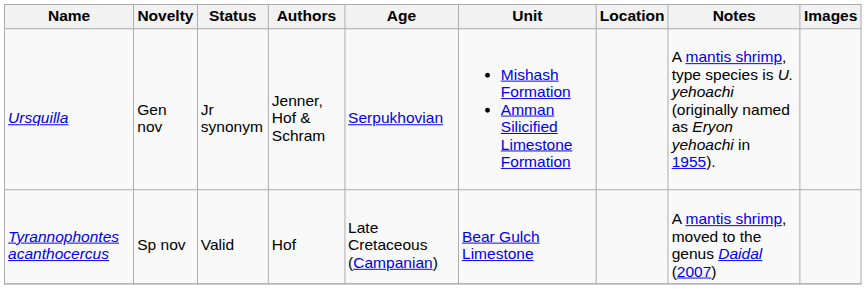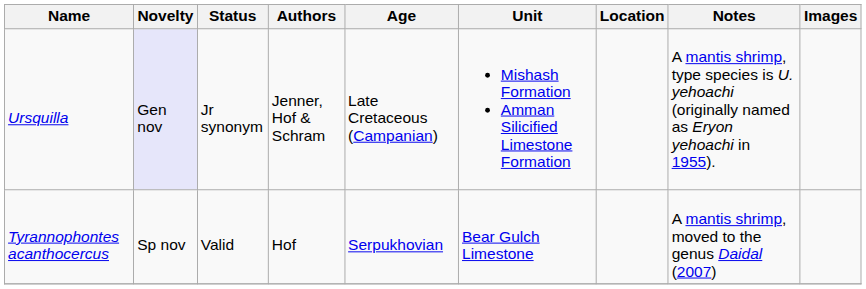 <table class="wikitable sortable" align="center" width="100%">
 <tr>
 <th>Name</th>
 <th>Novelty</th>
 <th>Status</th>
 <th>Authors</th>
 <th>Age</th>
 <th>Unit</th>
 <th>Location</th>
 <th>Notes</th>
 <th>Images</th>
 </tr>
 <tr>
 <td><br><em><a href='#'>Ursquilla</a></em></td>
-<td><br>Gen nov</td>
+<td style="background: lavender;"><br>Gen nov</td>
 <td><br>Jr synonym</td>
 <td><br>Jenner, Hof & Schram</td>
-<td><br><a href='#'>Serpukhovian</a></td>
+<td><br>Late Cretaceous (<a href='#'>Campanian</a>)</td>
 <td><br><ul><li><a href='#'>Mishash Formation</a></li><li><a href='#'>Amman Silicified Limestone Formation</a></li></ul></td>
 <td><br> </td>
 <td>A <a href='#'>mantis shrimp</a>, type species is <em>U. yehoachi</em> (originally named as <em>Eryon yehoachi</em> in <a href='#'>1955</a>).</td>
 <td></td>
 </tr>
 <tr>
 <td><br><em><a href='#'>Tyrannophontes acanthocercus</a></em></td>
 <td><br>Sp nov</td>
 <td><br>Valid</td>
 <td><br>Hof</td>
-<td><br>Late Cretaceous (<a href='#'>Campanian</a>)</td>
+<td><br><a href='#'>Serpukhovian</a></td>
 <td><br><a href='#'>Bear Gulch Limestone</a></td>
 <td><br></td>
 <td><br>A <a href='#'>mantis shrimp</a>, moved to the genus <em><a href='#'>Daidal</a></em> (<a href='#'>2007</a>)</td>
 <td></td>
 </tr>
 <tr>
 </tr>
 </table>
